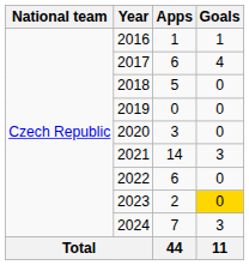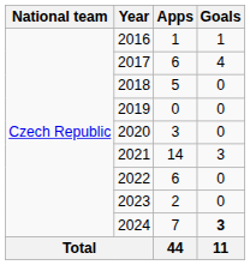 <table class="wikitable" style="text-align:center">
 <tr>
 <th>National team</th>
 <th>Year</th>
 <th>Apps</th>
 <th>Goals</th>
 </tr>
 <tr>
 <td rowspan="9"><a href='#'>Czech Republic</a></td>
 <td>2016</td>
 <td>1</td>
 <td>1</td>
 </tr>
 <tr>
 <td>2017</td>
 <td>6</td>
 <td>4</td>
 </tr>
 <tr>
 <td>2018</td>
 <td>5</td>
 <td>0</td>
 </tr>
 <tr>
 <td>2019</td>
 <td>0</td>
 <td>0</td>
 </tr>
 <tr>
 <td>2020</td>
 <td>3</td>
 <td>0</td>
 </tr>
 <tr>
 <td>2021</td>
 <td>14</td>
 <td>3</td>
 </tr>
 <tr>
 <td>2022</td>
 <td>6</td>
 <td>0</td>
 </tr>
 <tr>
 <td>2023</td>
 <td>2</td>
-<td style="background: gold;">0</td>
+<td>0</td>
 </tr>
 <tr>
 <td>2024</td>
 <td>7</td>
-<td>3</td>
+<td><strong>3</strong></td>
 </tr>
 <tr>
 <th colspan="2">Total</th>
 <th>44</th>
 <th>11</th>
 </tr>
 </table>
